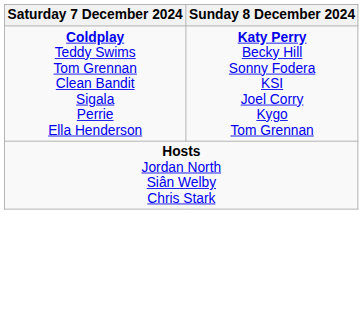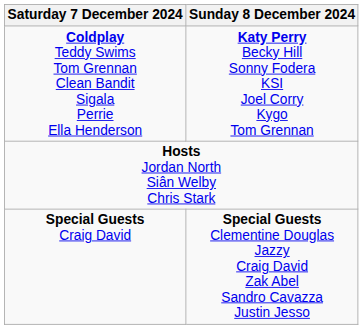 <table class="wikitable">
 <tr>
 <th>Saturday 7 December 2024</th>
 <th>Sunday 8 December 2024</th>
 </tr>
 <tr style="text-align:center; vertical-align:top; width:150px;">
 <td><strong><a href='#'>Coldplay</a></strong><br><a href='#'>Teddy Swims</a><br><a href='#'>Tom Grennan</a><br><a href='#'>Clean Bandit</a><br><a href='#'>Sigala</a><br><a href='#'>Perrie</a><br><a href='#'>Ella Henderson</a></td>
 <td><strong><a href='#'>Katy Perry</a></strong><br><a href='#'>Becky Hill</a><br><a href='#'>Sonny Fodera</a><br><a href='#'>KSI</a><br><a href='#'>Joel Corry</a><br><a href='#'>Kygo</a><br><a href='#'>Tom Grennan</a></td>
 </tr>
 <tr style="text-align:center; vertical-align:top; width:150px;">
 <td colspan=2><strong>Hosts</strong><br><a href='#'>Jordan North</a><br><a href='#'>Siân Welby</a><br><a href='#'>Chris Stark</a></td>
 </tr>
+<tr style="text-align:center; vertical-align:top; width:150px;">
+<td><strong>Special Guests</strong><br><a href='#'>Craig David</a></td>
+<td><strong>Special Guests</strong><br><a href='#'>Clementine Douglas</a><br><a href='#'>Jazzy</a><br><a href='#'>Craig David</a> <br><a href='#'>Zak Abel</a><br><a href='#'>Sandro Cavazza</a><br><a href='#'>Justin Jesso</a></td>
+</tr>
 </table>
